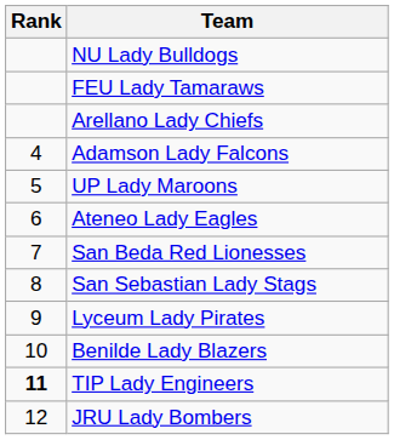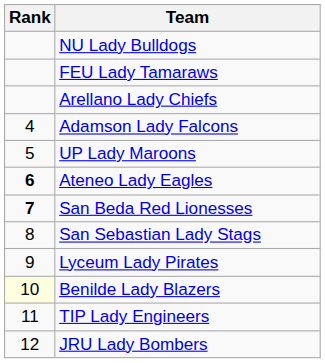 <table class="wikitable" style="text-align: center;">
 <tr>
 <th width=40>Rank</th>
 <th width=240>Team</th>
 </tr>
 <tr>
 <td></td>
 <td align="left"><a href='#'>NU Lady Bulldogs</a></td>
 </tr>
 <tr>
 <td></td>
 <td align="left"><a href='#'>FEU Lady Tamaraws</a></td>
 </tr>
 <tr>
 <td></td>
 <td align="left"><a href='#'>Arellano Lady Chiefs</a></td>
 </tr>
 <tr>
 <td>4</td>
 <td align="left"><a href='#'>Adamson Lady Falcons</a></td>
 </tr>
 <tr>
 <td>5</td>
 <td align="left"><a href='#'>UP Lady Maroons</a></td>
 </tr>
 <tr>
-<td>6</td>
+<td><strong>6</strong></td>
 <td align="left"><a href='#'>Ateneo Lady Eagles</a></td>
 </tr>
 <tr>
-<td>7</td>
+<td><strong>7</strong></td>
 <td align="left"><a href='#'>San Beda Red Lionesses</a></td>
 </tr>
 <tr>
 <td>8</td>
 <td align="left"><a href='#'>San Sebastian Lady Stags</a></td>
 </tr>
 <tr>
 <td>9</td>
 <td align="left"><a href='#'>Lyceum Lady Pirates</a></td>
 </tr>
 <tr>
-<td>10</td>
+<td style="background: lightyellow;">10</td>
 <td align="left"><a href='#'>Benilde Lady Blazers</a></td>
 </tr>
 <tr>
-<td><strong>11</strong></td>
+<td>11</td>
 <td align="left"><a href='#'>TIP Lady Engineers</a></td>
 </tr>
 <tr>
 <td>12</td>
 <td align="left"><a href='#'>JRU Lady Bombers</a></td>
 </tr>
 </table>
